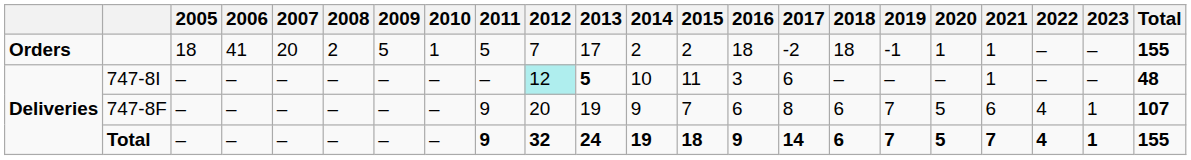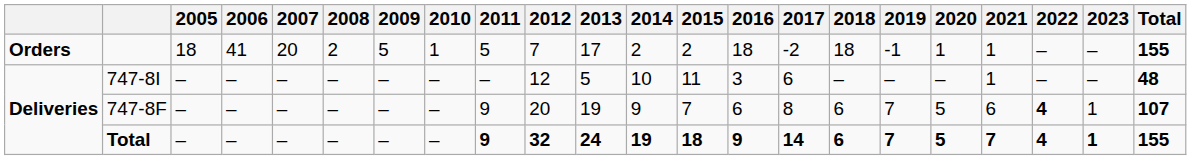 <table class="wikitable">
 <tr>
 <th></th>
 <th></th>
 <th>2005</th>
 <th>2006</th>
 <th>2007</th>
 <th>2008</th>
 <th>2009</th>
 <th>2010</th>
 <th>2011</th>
 <th>2012</th>
 <th>2013</th>
 <th>2014</th>
 <th>2015</th>
 <th>2016</th>
 <th>2017</th>
 <th>2018</th>
 <th>2019</th>
 <th>2020</th>
 <th>2021</th>
 <th>2022</th>
 <th>2023</th>
 <th>Total</th>
 </tr>
 <tr>
 <td><strong>Orders</strong></td>
 <td></td>
 <td>18</td>
 <td>41</td>
 <td>20</td>
 <td>2</td>
 <td>5</td>
 <td>1</td>
 <td>5</td>
 <td>7</td>
 <td>17</td>
 <td>2</td>
 <td>2</td>
 <td>18</td>
 <td>-2</td>
 <td>18</td>
 <td>-1</td>
 <td>1</td>
 <td>1</td>
 <td>–</td>
 <td>–</td>
 <td><strong>155</strong></td>
 </tr>
 <tr>
 <td rowspan="3"><strong>Deliveries</strong></td>
 <td>747-8I</td>
 <td>–</td>
 <td>–</td>
 <td>–</td>
 <td>–</td>
 <td>–</td>
 <td>–</td>
 <td>–</td>
-<td style="background: paleturquoise;">12</td>
-<td><strong>5</strong></td>
+<td>12</td>
+<td>5</td>
 <td>10</td>
 <td>11</td>
 <td>3</td>
 <td>6</td>
 <td>–</td>
 <td>–</td>
 <td>–</td>
 <td>1</td>
 <td>–</td>
 <td>–</td>
 <td><strong>48</strong></td>
 </tr>
 <tr>
 <td>747-8F</td>
 <td>–</td>
 <td>–</td>
 <td>–</td>
 <td>–</td>
 <td>–</td>
 <td>–</td>
 <td>9</td>
 <td>20</td>
 <td>19</td>
 <td>9</td>
 <td>7</td>
 <td>6</td>
 <td>8</td>
 <td>6</td>
 <td>7</td>
 <td>5</td>
 <td>6</td>
-<td>4</td>
+<td><strong>4</strong></td>
 <td>1</td>
 <td><strong>107</strong></td>
 </tr>
 <tr>
 <td><strong>Total</strong></td>
 <td>–</td>
 <td>–</td>
 <td>–</td>
 <td>–</td>
 <td>–</td>
 <td>–</td>
 <td><strong>9</strong></td>
 <td><strong>32</strong></td>
 <td><strong>24</strong></td>
 <td><strong>19</strong></td>
 <td><strong>18</strong></td>
 <td><strong>9</strong></td>
 <td><strong>14</strong></td>
 <td><strong>6</strong></td>
 <td><strong>7</strong></td>
 <td><strong>5</strong></td>
 <td><strong>7</strong></td>
 <td><strong>4</strong></td>
 <td><strong>1</strong></td>
 <td><strong>155</strong></td>
 </tr>
 </table>
